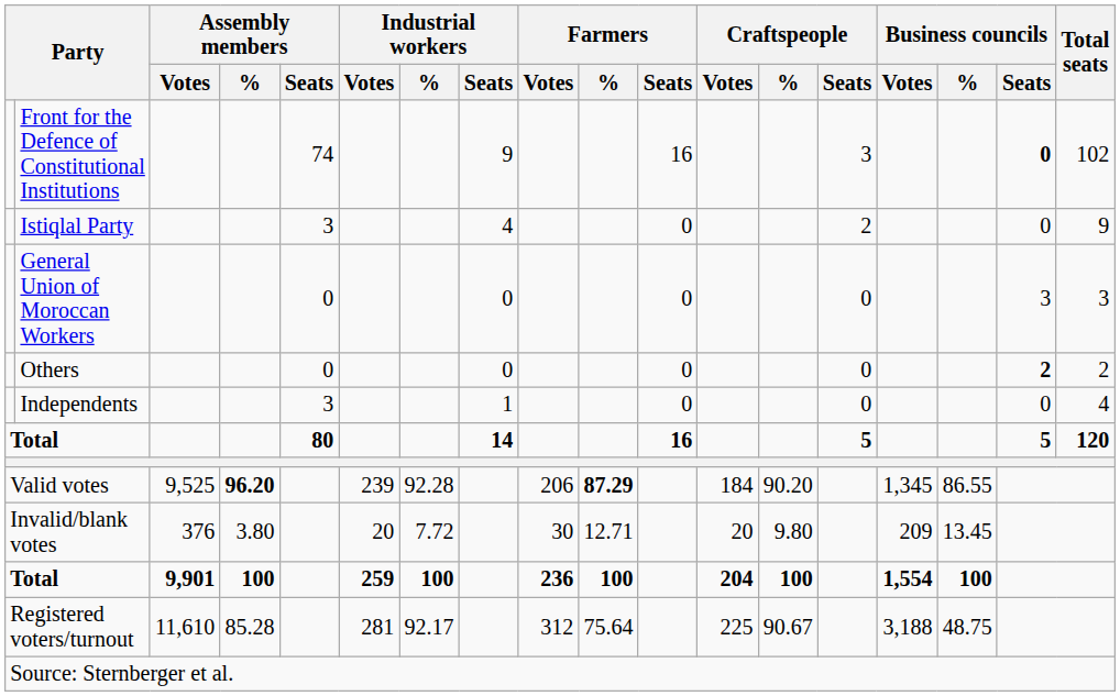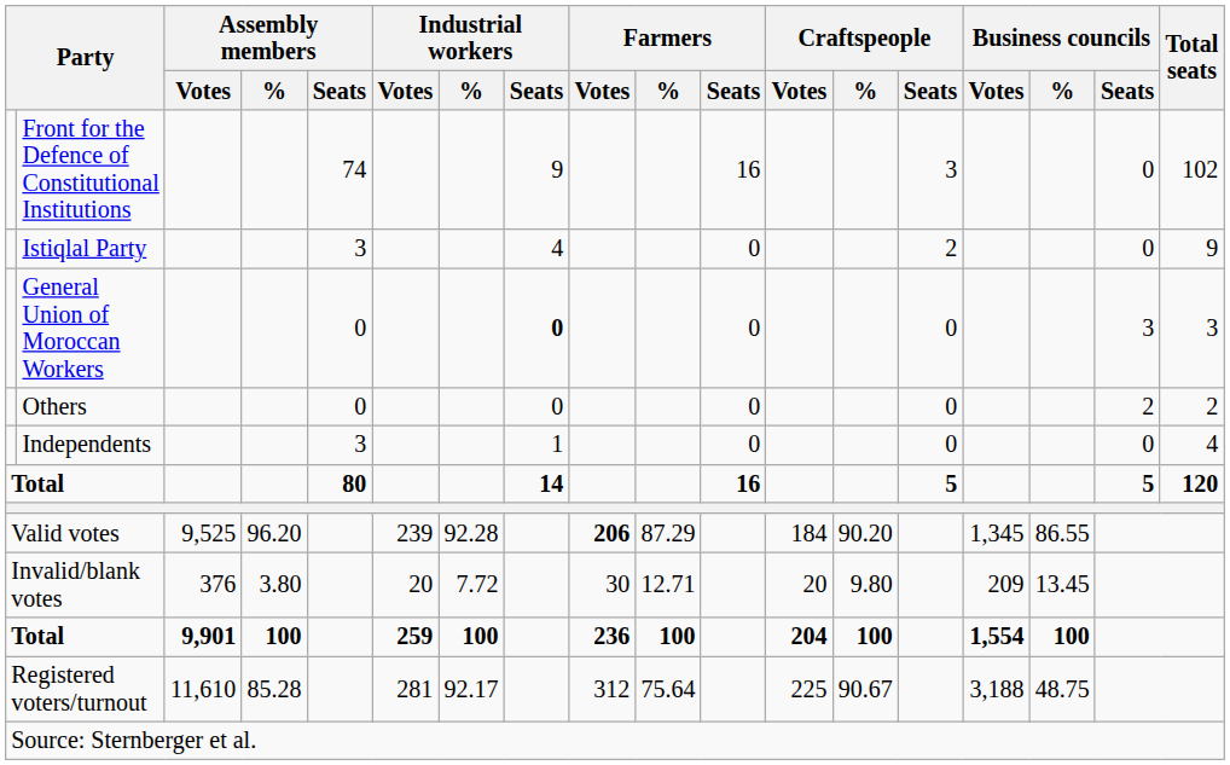 <table class=wikitable style=text-align:right>
 <tr>
 <th rowspan=2 colspan=2>Party</th>
 <th colspan=3>Assembly members</th>
 <th colspan=3>Industrial workers</th>
 <th colspan=3>Farmers</th>
 <th colspan=3>Craftspeople</th>
 <th colspan=3>Business councils</th>
 <th rowspan=2>Total<br>seats</th>
 </tr>
 <tr>
 <th>Votes</th>
 <th>%</th>
 <th>Seats</th>
 <th>Votes</th>
 <th>%</th>
 <th>Seats</th>
 <th>Votes</th>
 <th>%</th>
 <th>Seats</th>
 <th>Votes</th>
 <th>%</th>
 <th>Seats</th>
 <th>Votes</th>
 <th>%</th>
 <th>Seats</th>
 </tr>
 <tr>
 <td bgcolor=></td>
 <td align=left><a href='#'>Front for the Defence of Constitutional Institutions</a></td>
 <td></td>
 <td></td>
 <td>74</td>
 <td></td>
 <td></td>
 <td>9</td>
 <td></td>
 <td></td>
 <td>16</td>
 <td></td>
 <td></td>
 <td>3</td>
 <td></td>
 <td></td>
-<td><strong>0</strong></td>
+<td>0</td>
 <td>102</td>
 </tr>
 <tr>
 <td bgcolor=></td>
 <td align=left><a href='#'>Istiqlal Party</a></td>
 <td></td>
 <td></td>
 <td>3</td>
 <td></td>
 <td></td>
 <td>4</td>
 <td></td>
 <td></td>
 <td>0</td>
 <td></td>
 <td></td>
 <td>2</td>
 <td></td>
 <td></td>
 <td>0</td>
 <td>9</td>
 </tr>
 <tr>
 <td></td>
 <td align=left><a href='#'>General Union of Moroccan Workers</a></td>
 <td></td>
 <td></td>
 <td>0</td>
 <td></td>
 <td></td>
-<td>0</td>
+<td><strong>0</strong></td>
 <td></td>
 <td></td>
 <td>0</td>
 <td></td>
 <td></td>
 <td>0</td>
 <td></td>
 <td></td>
 <td>3</td>
 <td>3</td>
 </tr>
 <tr>
 <td></td>
 <td align=left>Others</td>
 <td></td>
 <td></td>
 <td>0</td>
 <td></td>
 <td></td>
 <td>0</td>
 <td></td>
 <td></td>
 <td>0</td>
 <td></td>
 <td></td>
 <td>0</td>
 <td></td>
 <td></td>
-<td><strong>2</strong></td>
+<td>2</td>
 <td>2</td>
 </tr>
 <tr>
 <td bgcolor=></td>
 <td align=left>Independents</td>
 <td></td>
 <td></td>
 <td>3</td>
 <td></td>
 <td></td>
 <td>1</td>
 <td></td>
 <td></td>
 <td>0</td>
 <td></td>
 <td></td>
 <td>0</td>
 <td></td>
 <td></td>
 <td>0</td>
 <td>4</td>
 </tr>
 <tr>
 <td align=left colspan=2><strong>Total</strong></td>
 <td></td>
 <td></td>
 <td><strong>80</strong></td>
 <td></td>
 <td></td>
 <td><strong>14</strong></td>
 <td></td>
 <td></td>
 <td><strong>16</strong></td>
 <td></td>
 <td></td>
 <td><strong>5</strong></td>
 <td></td>
 <td></td>
 <td><strong>5</strong></td>
 <td><strong>120</strong></td>
 </tr>
 <tr>
 <th colspan=18></th>
 </tr>
 <tr>
 <td align=left colspan=2>Valid votes</td>
 <td>9,525</td>
-<td><strong>96.20</strong></td>
+<td>96.20</td>
 <td></td>
 <td>239</td>
 <td>92.28</td>
 <td></td>
-<td>206</td>
-<td><strong>87.29</strong></td>
+<td><strong>206</strong></td>
+<td>87.29</td>
 <td></td>
 <td>184</td>
 <td>90.20</td>
 <td></td>
 <td>1,345</td>
 <td>86.55</td>
 <td colspan=2></td>
 </tr>
 <tr>
 <td align=left colspan=2>Invalid/blank votes</td>
 <td>376</td>
 <td>3.80</td>
 <td></td>
 <td>20</td>
 <td>7.72</td>
 <td></td>
 <td>30</td>
 <td>12.71</td>
 <td></td>
 <td>20</td>
 <td>9.80</td>
 <td></td>
 <td>209</td>
 <td>13.45</td>
 <td colspan=2></td>
 </tr>
 <tr>
 <td align=left colspan=2><strong>Total</strong></td>
 <td><strong>9,901</strong></td>
 <td><strong>100</strong></td>
 <td></td>
 <td><strong>259</strong></td>
 <td><strong>100</strong></td>
 <td></td>
 <td><strong>236</strong></td>
 <td><strong>100</strong></td>
 <td></td>
 <td><strong>204</strong></td>
 <td><strong>100</strong></td>
 <td></td>
 <td><strong>1,554</strong></td>
 <td><strong>100</strong></td>
 <td colspan=2></td>
 </tr>
 <tr>
 <td align=left colspan=2>Registered voters/turnout</td>
 <td>11,610</td>
 <td>85.28</td>
 <td></td>
 <td>281</td>
 <td>92.17</td>
 <td></td>
 <td>312</td>
 <td>75.64</td>
 <td></td>
 <td>225</td>
 <td>90.67</td>
 <td></td>
 <td>3,188</td>
 <td>48.75</td>
 <td colspan=2></td>
 </tr>
 <tr>
 <td align=left colspan=18>Source: Sternberger et al.</td>
 </tr>
 </table>
